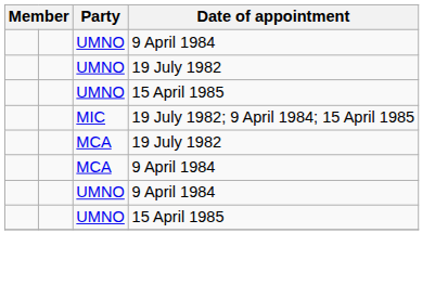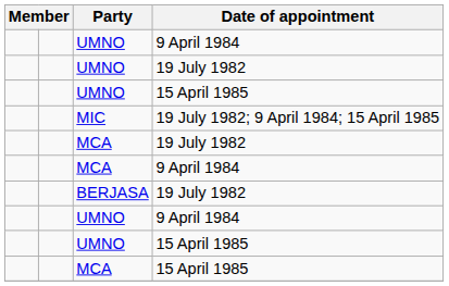 <table class="sortable wikitable">
 <tr>
 <th colspan="2" valign="top">Member</th>
 <th valign="top">Party</th>
 <th valign="top">Date of appointment</th>
 </tr>
 <tr>
 <td></td>
 <td></td>
 <td><a href='#'>UMNO</a></td>
 <td>9 April 1984</td>
 </tr>
 <tr>
 <td></td>
 <td></td>
 <td><a href='#'>UMNO</a></td>
 <td>19 July 1982</td>
 </tr>
 <tr>
 <td></td>
 <td></td>
 <td><a href='#'>UMNO</a></td>
 <td>15 April 1985</td>
 </tr>
 <tr>
 <td></td>
 <td></td>
 <td><a href='#'>MIC</a></td>
 <td>19 July 1982; 9 April 1984; 15 April 1985</td>
 </tr>
 <tr>
 <td></td>
 <td></td>
 <td><a href='#'>MCA</a></td>
 <td>19 July 1982</td>
 </tr>
 <tr>
 <td></td>
 <td></td>
 <td><a href='#'>MCA</a></td>
 <td>9 April 1984</td>
 </tr>
 <tr>
 <td></td>
 <td></td>
+<td><a href='#'>BERJASA</a></td>
+<td>19 July 1982</td>
+</tr>
+<tr>
+<td></td>
+<td></td>
 <td><a href='#'>UMNO</a></td>
 <td>9 April 1984</td>
 </tr>
 <tr>
 <td></td>
 <td></td>
 <td><a href='#'>UMNO</a></td>
 <td>15 April 1985</td>
 </tr>
 <tr>
+<td></td>
+<td></td>
+<td><a href='#'>MCA</a></td>
+<td>15 April 1985</td>
+</tr>
+<tr>
 </tr>
 </table>
